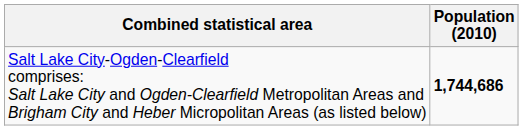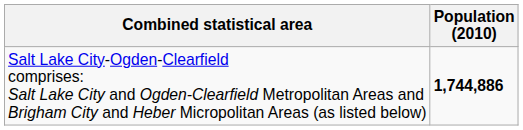 <table class="wikitable" style="text-align: left;">
 <tr>
 <th style="text-align:center;">Combined statistical area</th>
 <th>Population<br>(2010)</th>
 </tr>
 <tr>
 <td style="text-align:left;"><a href='#'>Salt Lake City</a>-<a href='#'>Ogden</a>-<a href='#'>Clearfield</a><br>comprises:<br><em>Salt Lake City</em> and <em>Ogden-Clearfield</em> Metropolitan Areas and<br><em>Brigham City</em> and <em>Heber</em> Micropolitan Areas (as listed below)</td>
-<td><strong>1,744,686</strong></td>
+<td><strong>1,744,886</strong></td>
 </tr>
 </table>
